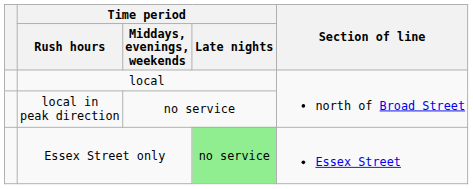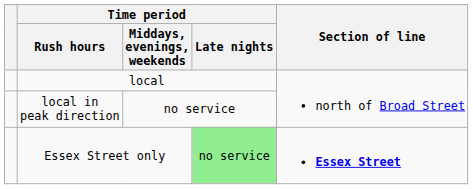 <table class="wikitable">
 <tr>
 <th rowspan=2> </th>
 <th colspan=3>Time period</th>
 <th rowspan=2>Section of line</th>
 </tr>
 <tr>
 <th>Rush hours</th>
 <th>Middays,<br>evenings,<br>weekends</th>
 <th>Late nights</th>
 </tr>
 <tr>
 <td></td>
 <td align=center colspan=3>local</td>
 <td rowspan=2><br><ul><li>north of <a href='#'>Broad Street</a></li></ul></td>
 </tr>
 <tr>
 <td></td>
 <td align=center>local in<br>peak direction</td>
 <td align=center colspan="2">no service</td>
 </tr>
 <tr>
 <td></td>
 <td align=center colspan=2>Essex Street only</td>
 <td align=center style="background: lightgreen;">no service</td>
-<td><br><ul><li><a href='#'>Essex Street</a></li></ul></td>
+<td><strong><br><ul><li><a href='#'>Essex Street</a></li></ul></strong></td>
 </tr>
 </table>
